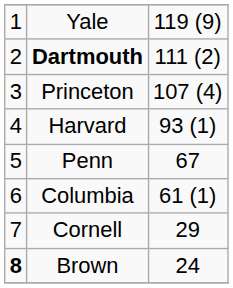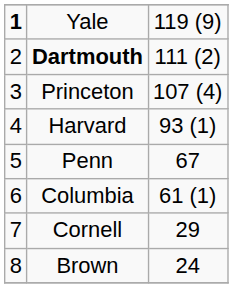 <table class="wikitable">
 <tr align="center">
 </tr>
 <tr align="center">
-<td>1</td>
+<td><strong>1</strong></td>
 <td>Yale</td>
 <td>119 (9)</td>
 </tr>
 <tr align="center">
 <td>2</td>
 <td><strong>Dartmouth</strong></td>
 <td>111 (2)</td>
 </tr>
 <tr align="center">
 <td>3</td>
 <td>Princeton</td>
 <td>107 (4)</td>
 </tr>
 <tr align="center">
 <td>4</td>
 <td>Harvard</td>
 <td>93 (1)</td>
 </tr>
 <tr align="center">
 <td>5</td>
 <td>Penn</td>
 <td>67</td>
 </tr>
 <tr align="center">
 <td>6</td>
 <td>Columbia</td>
 <td>61 (1)</td>
 </tr>
 <tr align="center">
 <td>7</td>
 <td>Cornell</td>
 <td>29</td>
 </tr>
 <tr align="center">
-<td><strong>8</strong></td>
+<td>8</td>
 <td>Brown</td>
 <td>24</td>
 </tr>
 <tr>
 </tr>
 </table>
